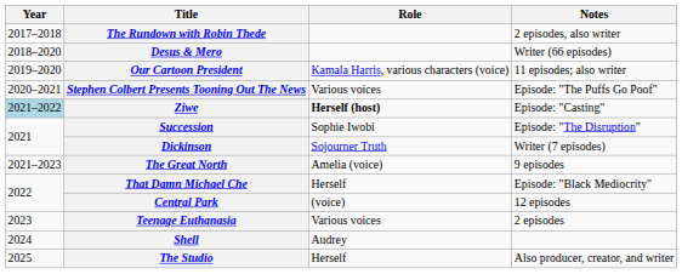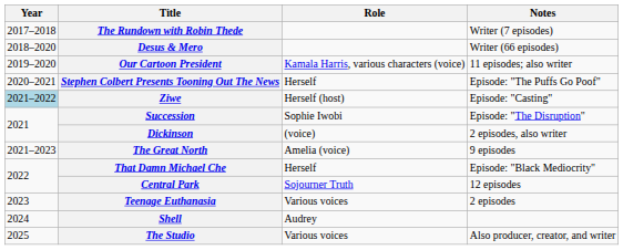 <table class="wikitable sortable plainrowheaders">
 <tr>
 <th scope="col">Year</th>
 <th scope="col">Title</th>
 <th scope="col">Role</th>
 <th scope="col" class="unsortable">Notes</th>
 </tr>
 <tr>
 <td>2017–2018</td>
 <th scope="row"><em><a href='#'>The Rundown with Robin Thede</a></em></th>
 <td></td>
-<td>2 episodes, also writer</td>
+<td>Writer (7 episodes)</td>
 </tr>
 <tr>
 <td>2018–2020</td>
 <th scope="row"><em><a href='#'>Desus & Mero</a></em></th>
 <td></td>
 <td>Writer (66 episodes)</td>
 </tr>
 <tr>
 <td>2019–2020</td>
 <th scope="row"><em><a href='#'>Our Cartoon President</a></em></th>
 <td><a href='#'>Kamala Harris</a>, various characters (voice)</td>
 <td>11 episodes; also writer</td>
 </tr>
 <tr>
 <td>2020–2021</td>
 <th scope="row"><em><a href='#'>Stephen Colbert Presents Tooning Out The News</a></em></th>
-<td>Various voices</td>
+<td>Herself</td>
 <td>Episode: "The Puffs Go Poof"</td>
 </tr>
 <tr>
 <td style="background: lightblue;">2021–2022</td>
 <th scope="row"><em><a href='#'>Ziwe</a></em></th>
-<td><strong>Herself (host)</strong></td>
+<td>Herself (host)</td>
 <td>Episode: "Casting"</td>
 </tr>
 <tr>
 <td rowspan="2">2021</td>
 <th scope="row"><em><a href='#'>Succession</a></em></th>
 <td>Sophie Iwobi</td>
 <td>Episode: "<a href='#'>The Disruption</a>"</td>
 </tr>
 <tr>
 <th scope="row"><em><a href='#'>Dickinson</a></em></th>
-<td><a href='#'>Sojourner Truth</a></td>
-<td>Writer (7 episodes)</td>
+<td>(voice)</td>
+<td>2 episodes, also writer</td>
 </tr>
 <tr>
 <td>2021–2023</td>
 <th scope="row"><em><a href='#'>The Great North</a></em></th>
 <td>Amelia (voice)</td>
 <td>9 episodes</td>
 </tr>
 <tr>
 <td rowspan="2">2022</td>
 <th scope="row"><em><a href='#'>That Damn Michael Che</a></em></th>
 <td>Herself</td>
 <td>Episode: "Black Mediocrity"</td>
 </tr>
 <tr>
 <th scope="row"><em><a href='#'>Central Park</a></em></th>
-<td>(voice)</td>
+<td><a href='#'>Sojourner Truth</a></td>
 <td>12 episodes</td>
 </tr>
 <tr>
 <td>2023</td>
 <th scope="row"><em><a href='#'>Teenage Euthanasia</a></em></th>
 <td>Various voices</td>
 <td>2 episodes</td>
 </tr>
 <tr>
 <td>2024</td>
 <th scope="row"><em><a href='#'>Shell</a></em></th>
 <td>Audrey</td>
 <td></td>
 </tr>
 <tr>
 <td>2025</td>
 <th scope="row"><em><a href='#'>The Studio</a></em></th>
-<td>Herself</td>
+<td>Various voices</td>
 <td>Also producer, creator, and writer</td>
 </tr>
 </table>
